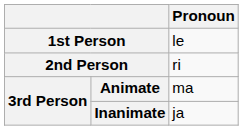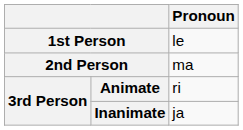 <table class="wikitable">
 <tr>
 <th colspan="2"></th>
 <th>Pronoun</th>
 </tr>
 <tr>
 <th colspan="2">1st Person</th>
 <td>le</td>
 </tr>
 <tr>
 <th colspan="2">2nd Person</th>
-<td>ri</td>
+<td>ma</td>
 </tr>
 <tr>
 <th rowspan="2">3rd Person</th>
 <th>Animate</th>
-<td>ma</td>
+<td>ri</td>
 </tr>
 <tr>
 <th>Inanimate</th>
 <td>ja</td>
 </tr>
 </table>
